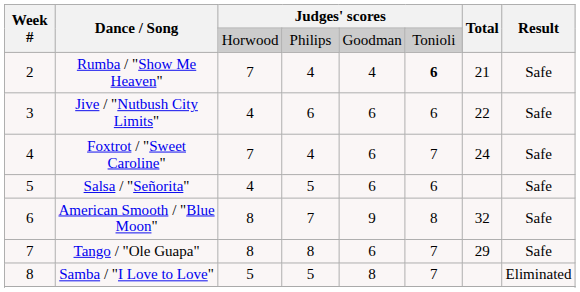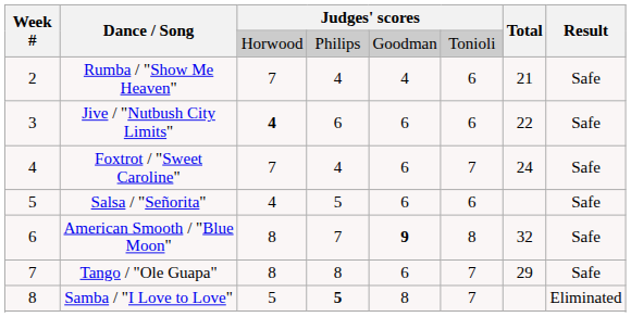 <table class="wikitable collapsible collapsed">
 <tr style="text-align:Center; background:#ccc;">
 <th rowspan="2">Week #</th>
 <th rowspan="2">Dance / Song</th>
 <th colspan="4">Judges' scores</th>
 <th rowspan="2">Total</th>
 <th rowspan="2">Result</th>
 </tr>
 <tr style="text-align:center; background:#ccc;">
 <td style="width:10%; ">Horwood</td>
 <td style="width:10%; ">Philips</td>
 <td style="width:10%; ">Goodman</td>
 <td style="width:10%; ">Tonioli</td>
 </tr>
 <tr style="text-align: center; background:#faf6f6;">
 <td>2</td>
 <td><a href='#'>Rumba</a> / "<a href='#'>Show Me Heaven</a>"</td>
 <td>7</td>
 <td>4</td>
 <td>4</td>
-<td><strong>6</strong></td>
+<td>6</td>
 <td>21</td>
 <td>Safe</td>
 </tr>
 <tr style="text-align: center; background:#faf6f6;">
 <td>3</td>
 <td><a href='#'>Jive</a> / "<a href='#'>Nutbush City Limits</a>"</td>
-<td>4</td>
+<td><strong>4</strong></td>
 <td>6</td>
 <td>6</td>
 <td>6</td>
 <td>22</td>
 <td>Safe</td>
 </tr>
 <tr style="text-align: center; background:#faf6f6;">
 <td>4</td>
 <td><a href='#'>Foxtrot</a> / "<a href='#'>Sweet Caroline</a>"</td>
 <td>7</td>
 <td>4</td>
 <td>6</td>
 <td>7</td>
 <td>24</td>
 <td>Safe</td>
 </tr>
 <tr style="text-align: center; background:#faf6f6;">
 <td>5</td>
 <td><a href='#'>Salsa</a> / "<a href='#'>Señorita</a>"</td>
 <td>4</td>
 <td>5</td>
 <td>6</td>
 <td>6</td>
 <td></td>
 <td>Safe</td>
 </tr>
 <tr style="text-align: center; background:#faf6f6;">
 <td>6</td>
 <td><a href='#'>American Smooth</a> / "<a href='#'>Blue Moon</a>"</td>
 <td>8</td>
 <td>7</td>
-<td>9</td>
+<td><strong>9</strong></td>
 <td>8</td>
 <td>32</td>
 <td>Safe</td>
 </tr>
 <tr style="text-align: center; background:#faf6f6;">
 <td>7</td>
 <td><a href='#'>Tango</a> / "Ole Guapa"</td>
 <td>8</td>
 <td>8</td>
 <td>6</td>
 <td>7</td>
 <td>29</td>
 <td>Safe</td>
 </tr>
 <tr style="text-align: center; background:#faf6f6;">
 <td>8</td>
 <td><a href='#'>Samba</a> / "<a href='#'>I Love to Love</a>"</td>
 <td>5</td>
-<td>5</td>
+<td><strong>5</strong></td>
 <td>8</td>
 <td>7</td>
 <td></td>
 <td>Eliminated</td>
 </tr>
 <tr style="text-align: center; background:#faf6f6;">
 </tr>
 <tr>
 </tr>
 </table>
